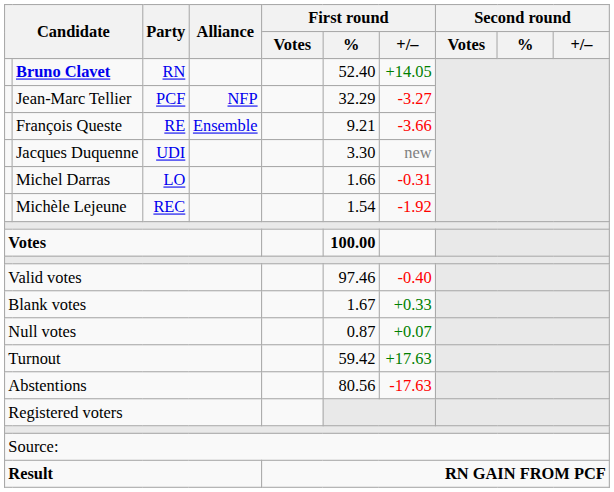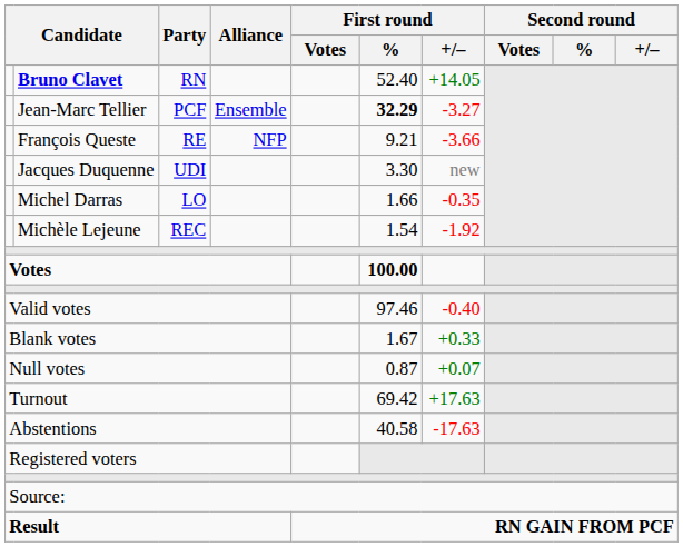 <table class="wikitable" style="text-align:right;font-size:95%;">
 <tr>
 <th rowspan="2" colspan="2">Candidate</th>
 <th colspan="1" rowspan="2">Party</th>
 <th colspan="1" rowspan="2">Alliance</th>
 <th colspan="3">First round</th>
 <th colspan="3">Second round</th>
 </tr>
 <tr>
 <th style="width:50px;">Votes</th>
 <th style="width:45px;">%</th>
 <th style="width:45px;">+/–</th>
 <th style="width:50px;">Votes</th>
 <th style="width:45px;">%</th>
 <th style="width:45px;">+/–</th>
 </tr>
 <tr>
 <td style="background:"></td>
 <td style="text-align:left;"><strong><a href='#'>Bruno Clavet</a></strong></td>
 <td><a href='#'>RN</a></td>
 <td></td>
 <td></td>
 <td>52.40</td>
 <td style="color:green;">+14.05</td>
 <td colspan="3" rowspan="6" style="background:#E9E9E9;"></td>
 </tr>
 <tr>
 <td style="background:"></td>
 <td style="text-align:left;">Jean-Marc Tellier</td>
 <td><a href='#'>PCF</a></td>
-<td><a href='#'>NFP</a></td>
+<td><a href='#'>Ensemble</a></td>
 <td></td>
-<td>32.29</td>
+<td><strong>32.29</strong></td>
 <td style="color:red;">-3.27</td>
 </tr>
 <tr>
 <td style="background:"></td>
 <td style="text-align:left;">François Queste</td>
 <td><a href='#'>RE</a></td>
-<td><a href='#'>Ensemble</a></td>
+<td><a href='#'>NFP</a></td>
 <td></td>
 <td>9.21</td>
 <td style="color:red;">-3.66</td>
 </tr>
 <tr>
 <td style="background:"></td>
 <td style="text-align:left;">Jacques Duquenne</td>
 <td><a href='#'>UDI</a></td>
 <td></td>
 <td></td>
 <td>3.30</td>
 <td style="color:grey;">new</td>
 </tr>
 <tr>
 <td style="background:"></td>
 <td style="text-align:left;">Michel Darras</td>
 <td><a href='#'>LO</a></td>
 <td></td>
 <td></td>
 <td>1.66</td>
-<td style="color:red;">-0.31</td>
+<td style="color:red;">-0.35</td>
 </tr>
 <tr>
 <td style="background:"></td>
 <td style="text-align:left;">Michèle Lejeune</td>
 <td><a href='#'>REC</a></td>
 <td></td>
 <td></td>
 <td>1.54</td>
 <td style="color:red;">-1.92</td>
 </tr>
 <tr>
 <td colspan="10" style="background:#E9E9E9;"></td>
 </tr>
 <tr style="font-weight:bold;">
 <td colspan="4" style="text-align:left;">Votes</td>
 <td></td>
 <td>100.00</td>
 <td></td>
 <td colspan="3" rowspan="1" style="background:#E9E9E9;"></td>
 </tr>
 <tr>
 <td colspan="10" style="background:#E9E9E9;"></td>
 </tr>
 <tr>
 <td colspan="4" style="text-align:left;">Valid votes</td>
 <td></td>
 <td>97.46</td>
 <td style="color:red;">-0.40</td>
 <td colspan="3" rowspan="1" style="background:#E9E9E9;"></td>
 </tr>
 <tr>
 <td colspan="4" style="text-align:left;">Blank votes</td>
 <td></td>
 <td>1.67</td>
 <td style="color:green;">+0.33</td>
 <td colspan="3" rowspan="1" style="background:#E9E9E9;"></td>
 </tr>
 <tr>
 <td colspan="4" style="text-align:left;">Null votes</td>
 <td></td>
 <td>0.87</td>
 <td style="color:green;">+0.07</td>
 <td colspan="3" rowspan="1" style="background:#E9E9E9;"></td>
 </tr>
 <tr>
 <td colspan="4" style="text-align:left;">Turnout</td>
 <td></td>
-<td>59.42</td>
+<td>69.42</td>
 <td style="color:green;">+17.63</td>
 <td colspan="3" rowspan="1" style="background:#E9E9E9;"></td>
 </tr>
 <tr>
 <td colspan="4" style="text-align:left;">Abstentions</td>
 <td></td>
-<td>80.56</td>
+<td>40.58</td>
 <td style="color:red;">-17.63</td>
 <td colspan="3" rowspan="1" style="background:#E9E9E9;"></td>
 </tr>
 <tr>
 <td colspan="4" style="text-align:left;">Registered voters</td>
 <td></td>
 <td colspan="2" style="background:#E9E9E9;"></td>
 <td colspan="3" rowspan="1" style="background:#E9E9E9;"></td>
 </tr>
 <tr>
 <td colspan="10" style="background:#E9E9E9;"></td>
 </tr>
 <tr>
 <td colspan="10" style="text-align:left;">Source: </td>
 </tr>
 <tr style="font-weight:bold">
 <td colspan="4" style="text-align:left;">Result</td>
 <td colspan="6" style="background-color:">RN GAIN FROM PCF</td>
 </tr>
 </table>
